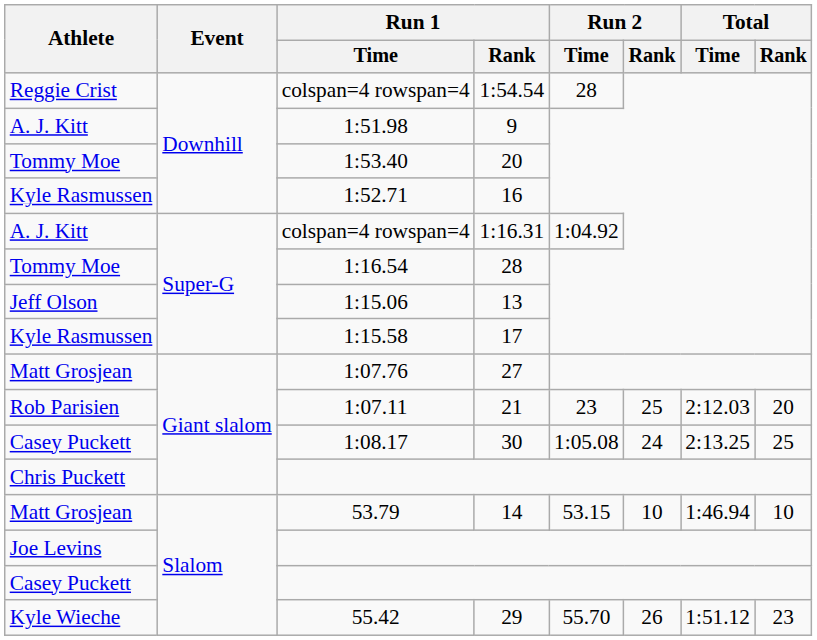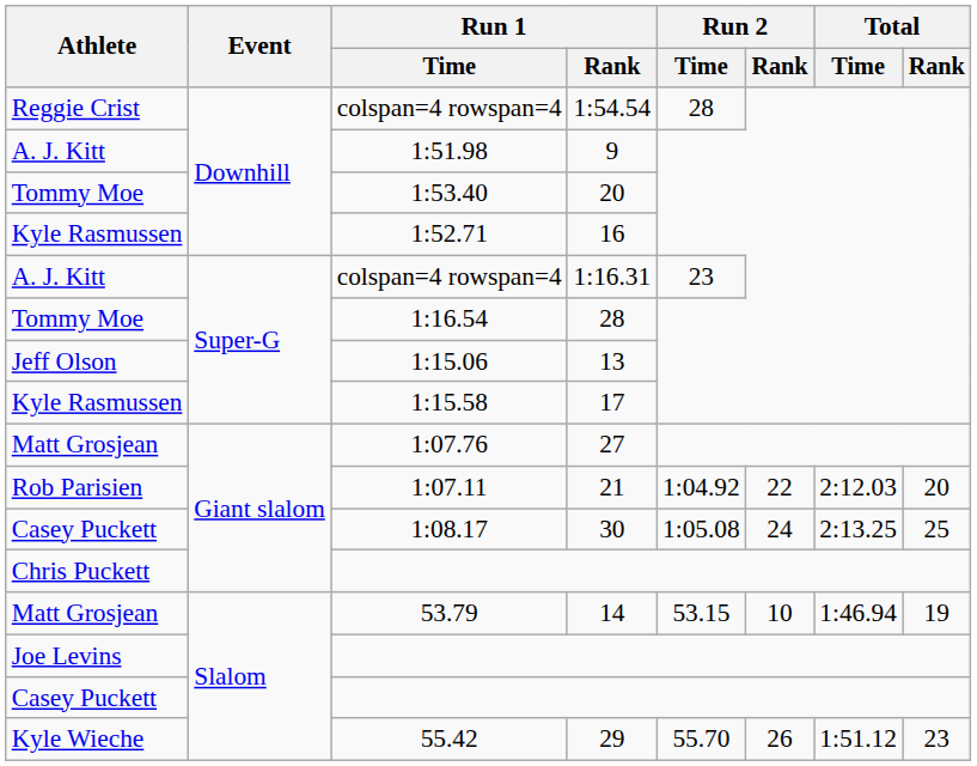 <table class=wikitable style=font-size:90%;text-align:center>
 <tr>
 <th rowspan=2>Athlete</th>
 <th rowspan=2>Event</th>
 <th colspan=2>Run 1</th>
 <th colspan=2>Run 2</th>
 <th colspan=2>Total</th>
 </tr>
 <tr style=font-size:95%>
 <th>Time</th>
 <th>Rank</th>
 <th>Time</th>
 <th>Rank</th>
 <th>Time</th>
 <th>Rank</th>
 </tr>
 <tr>
 <td align=left><a href='#'>Reggie Crist</a></td>
 <td align=left rowspan=4><a href='#'>Downhill</a></td>
 <td>colspan=4 rowspan=4 </td>
 <td>1:54.54</td>
 <td>28</td>
 </tr>
 <tr>
 <td align=left><a href='#'>A. J. Kitt</a></td>
 <td>1:51.98</td>
 <td>9</td>
 </tr>
 <tr>
 <td align=left><a href='#'>Tommy Moe</a></td>
 <td>1:53.40</td>
 <td>20</td>
 </tr>
 <tr>
 <td align=left><a href='#'>Kyle Rasmussen</a></td>
 <td>1:52.71</td>
 <td>16</td>
 </tr>
 <tr>
 <td align=left><a href='#'>A. J. Kitt</a></td>
 <td align=left rowspan=4><a href='#'>Super-G</a></td>
 <td>colspan=4 rowspan=4 </td>
 <td>1:16.31</td>
-<td>1:04.92</td>
+<td>23</td>
 </tr>
 <tr>
 <td align=left><a href='#'>Tommy Moe</a></td>
 <td>1:16.54</td>
 <td>28</td>
 </tr>
 <tr>
 <td align=left><a href='#'>Jeff Olson</a></td>
 <td>1:15.06</td>
 <td>13</td>
 </tr>
 <tr>
 <td align=left><a href='#'>Kyle Rasmussen</a></td>
 <td>1:15.58</td>
 <td>17</td>
 </tr>
 <tr>
 <td align=left><a href='#'>Matt Grosjean</a></td>
 <td align=left rowspan=4><a href='#'>Giant slalom</a></td>
 <td>1:07.76</td>
 <td>27</td>
 <td colspan=4></td>
 </tr>
 <tr>
 <td align=left><a href='#'>Rob Parisien</a></td>
 <td>1:07.11</td>
 <td>21</td>
-<td>23</td>
-<td>25</td>
+<td>1:04.92</td>
+<td>22</td>
 <td>2:12.03</td>
 <td>20</td>
 </tr>
 <tr>
 <td align=left><a href='#'>Casey Puckett</a></td>
 <td>1:08.17</td>
 <td>30</td>
 <td>1:05.08</td>
 <td>24</td>
 <td>2:13.25</td>
 <td>25</td>
 </tr>
 <tr>
 <td align=left><a href='#'>Chris Puckett</a></td>
 <td colspan=6></td>
 </tr>
 <tr>
 <td align=left><a href='#'>Matt Grosjean</a></td>
 <td align=left rowspan=4><a href='#'>Slalom</a></td>
 <td>53.79</td>
 <td>14</td>
 <td>53.15</td>
 <td>10</td>
 <td>1:46.94</td>
-<td>10</td>
+<td>19</td>
 </tr>
 <tr>
 <td align=left><a href='#'>Joe Levins</a></td>
 <td colspan=6></td>
 </tr>
 <tr>
 <td align=left><a href='#'>Casey Puckett</a></td>
 <td colspan=6></td>
 </tr>
 <tr>
 <td align=left><a href='#'>Kyle Wieche</a></td>
 <td>55.42</td>
 <td>29</td>
 <td>55.70</td>
 <td>26</td>
 <td>1:51.12</td>
 <td>23</td>
 </tr>
 </table>
